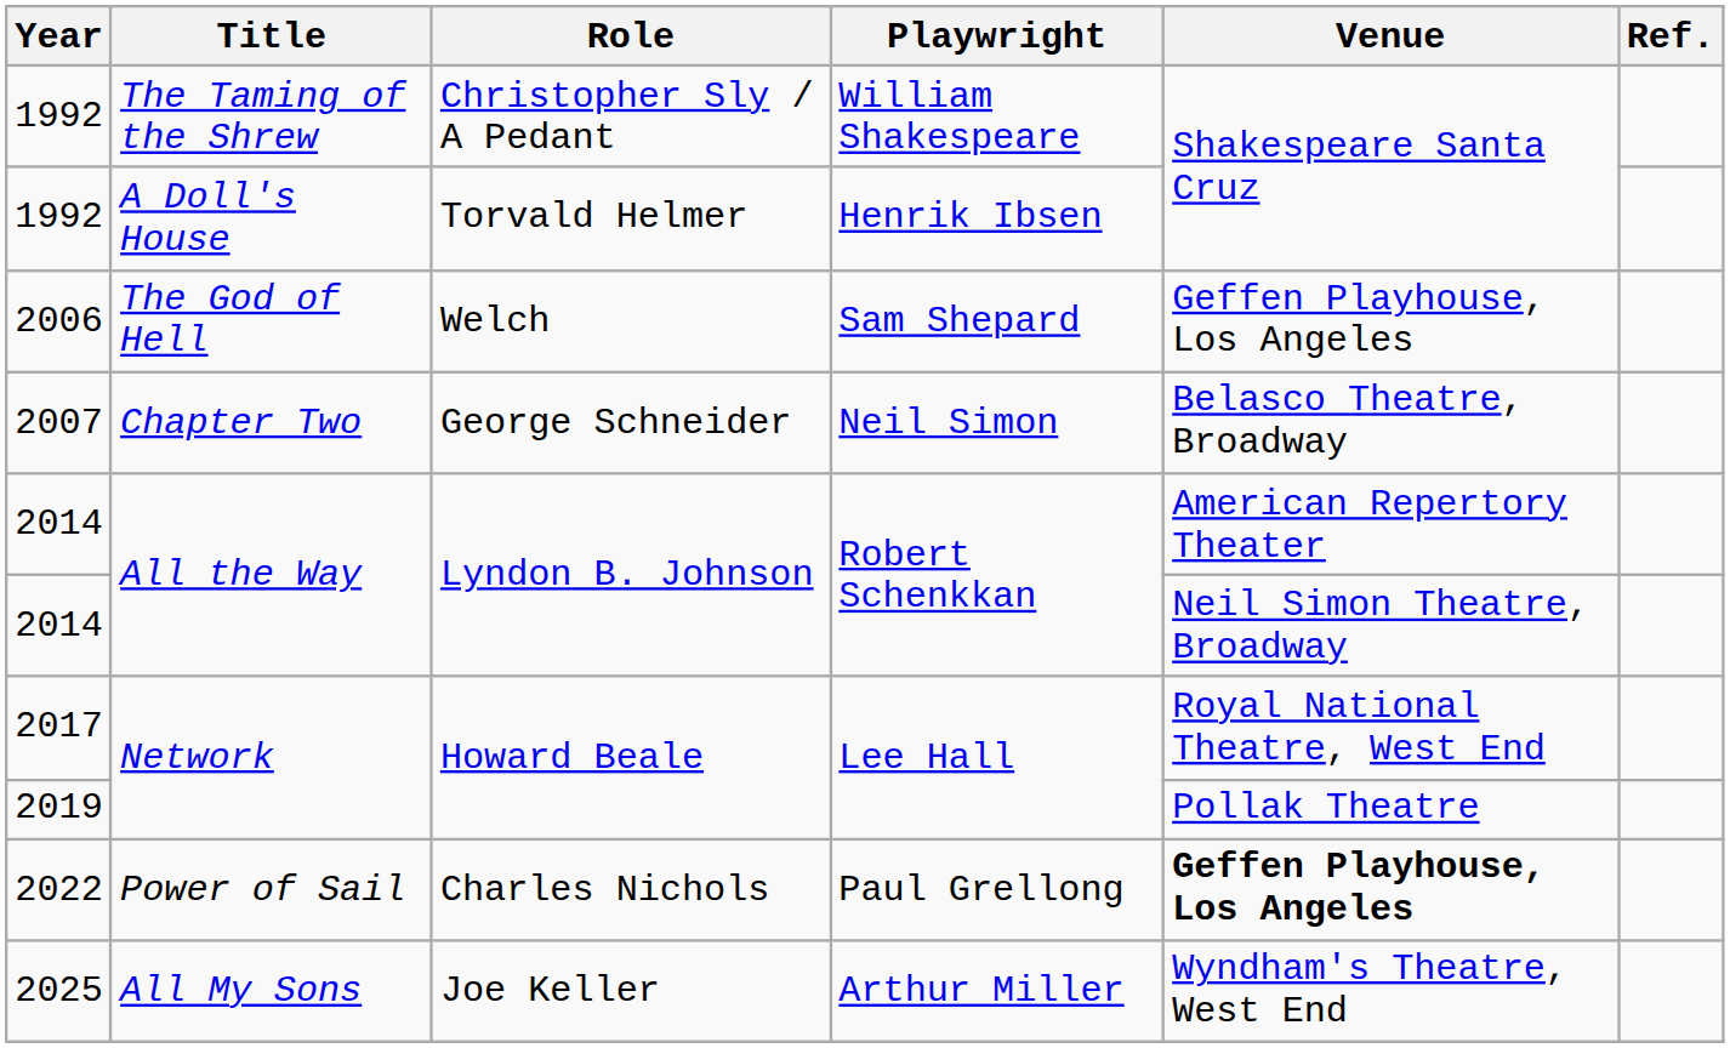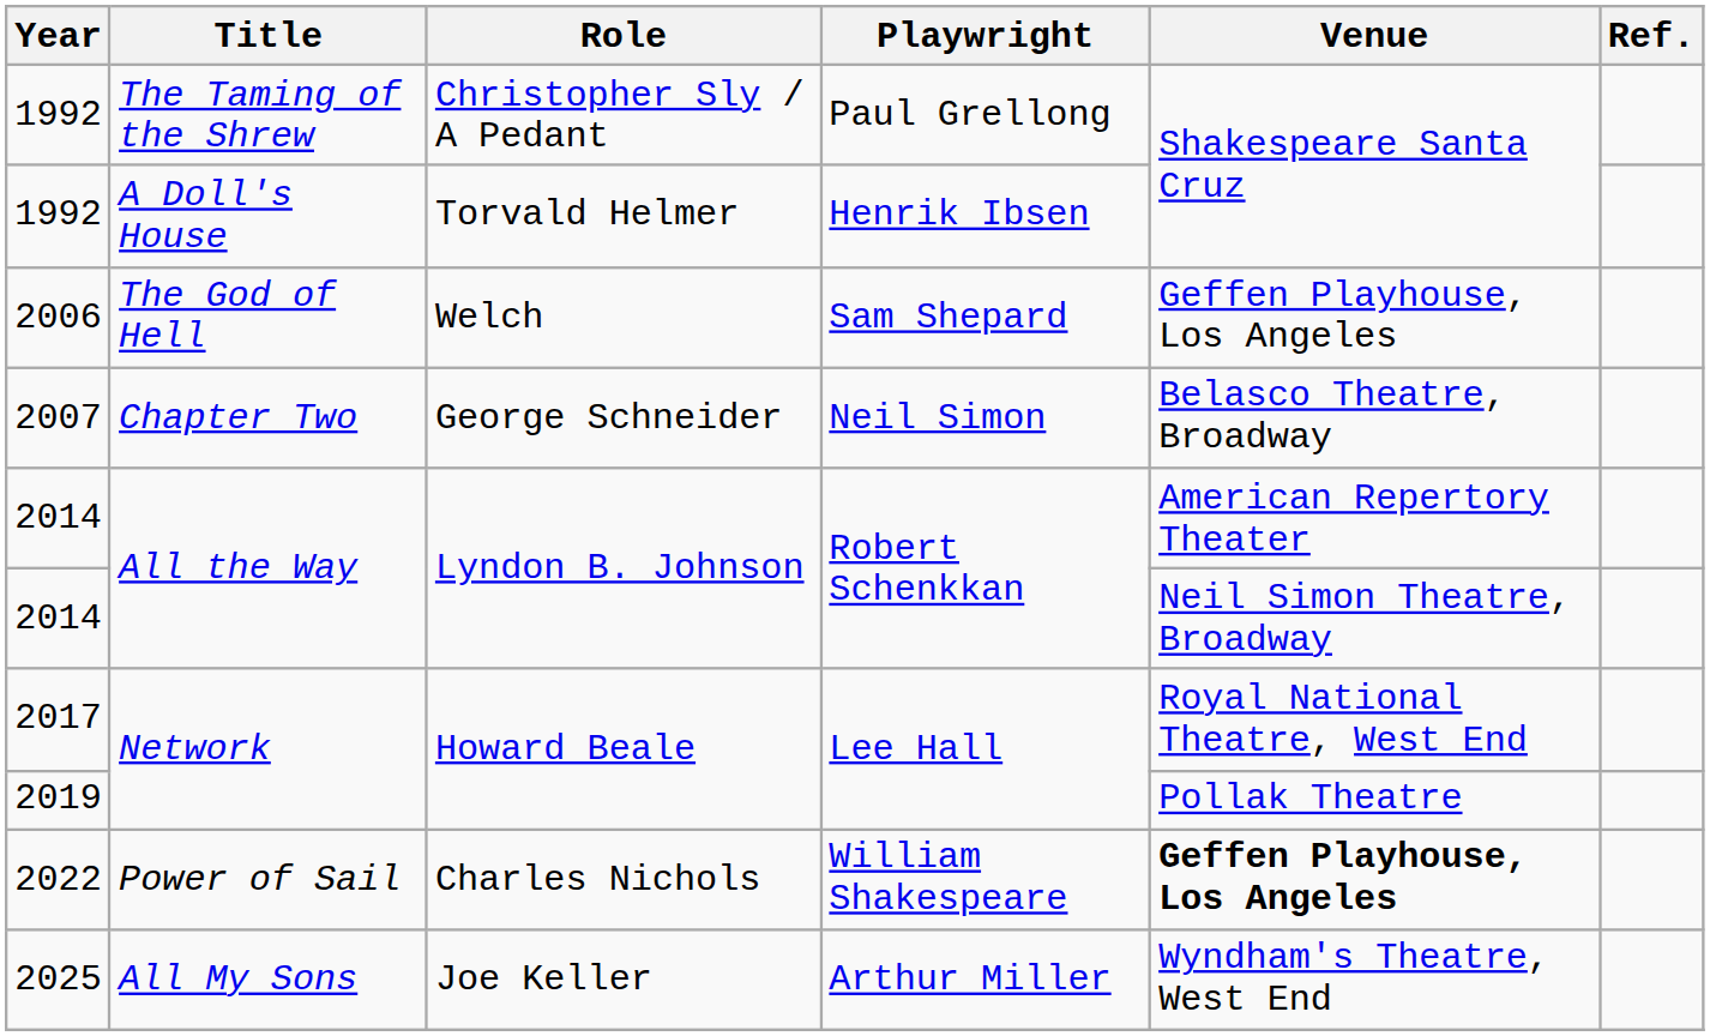 <table class="wikitable sortable">
 <tr>
 <th>Year</th>
 <th>Title</th>
 <th>Role</th>
 <th>Playwright</th>
 <th>Venue</th>
 <th class=unsortable>Ref.</th>
 </tr>
 <tr>
 <td>1992</td>
 <td><em><a href='#'>The Taming of the Shrew</a></em></td>
 <td><a href='#'>Christopher Sly</a> / A Pedant</td>
-<td><a href='#'>William Shakespeare</a></td>
+<td>Paul Grellong</td>
 <td rowspan="2"><a href='#'>Shakespeare Santa Cruz</a></td>
 <td></td>
 </tr>
 <tr>
 <td>1992</td>
 <td><em><a href='#'>A Doll's House</a></em></td>
 <td>Torvald Helmer</td>
 <td><a href='#'>Henrik Ibsen</a></td>
 <td></td>
 </tr>
 <tr>
 <td>2006</td>
 <td><em><a href='#'>The God of Hell</a></em></td>
 <td>Welch</td>
 <td><a href='#'>Sam Shepard</a></td>
 <td><a href='#'>Geffen Playhouse</a>, Los Angeles</td>
 <td></td>
 </tr>
 <tr>
 <td>2007</td>
 <td><em><a href='#'>Chapter Two</a></em></td>
 <td>George Schneider</td>
 <td><a href='#'>Neil Simon</a></td>
 <td><a href='#'>Belasco Theatre</a>, Broadway</td>
 <td></td>
 </tr>
 <tr>
 <td>2014</td>
 <td rowspan=2><em><a href='#'>All the Way</a></em></td>
 <td rowspan=2><a href='#'>Lyndon B. Johnson</a></td>
 <td rowspan=2><a href='#'>Robert Schenkkan</a></td>
 <td><a href='#'>American Repertory Theater</a></td>
 <td></td>
 </tr>
 <tr>
 <td>2014</td>
 <td><a href='#'>Neil Simon Theatre</a>, <a href='#'>Broadway</a></td>
 <td></td>
 </tr>
 <tr>
 <td>2017</td>
 <td rowspan=2><em><a href='#'>Network</a></em></td>
 <td rowspan=2><a href='#'>Howard Beale</a></td>
 <td rowspan=2><a href='#'>Lee Hall</a></td>
 <td><a href='#'>Royal National Theatre</a>, <a href='#'>West End</a></td>
 <td></td>
 </tr>
 <tr>
 <td>2019</td>
 <td><a href='#'>Pollak Theatre</a></td>
 <td></td>
 </tr>
 <tr>
 <td>2022</td>
 <td><em>Power of Sail</em></td>
 <td>Charles Nichols</td>
-<td>Paul Grellong</td>
+<td><a href='#'>William Shakespeare</a></td>
 <td><strong>Geffen Playhouse, Los Angeles</strong></td>
 <td></td>
 </tr>
 <tr>
 <td>2025</td>
 <td><em><a href='#'>All My Sons</a></em></td>
 <td>Joe Keller</td>
 <td><a href='#'>Arthur Miller</a></td>
 <td><a href='#'>Wyndham's Theatre</a>, West End</td>
 <td></td>
 </tr>
 <tr>
 </tr>
 </table>
